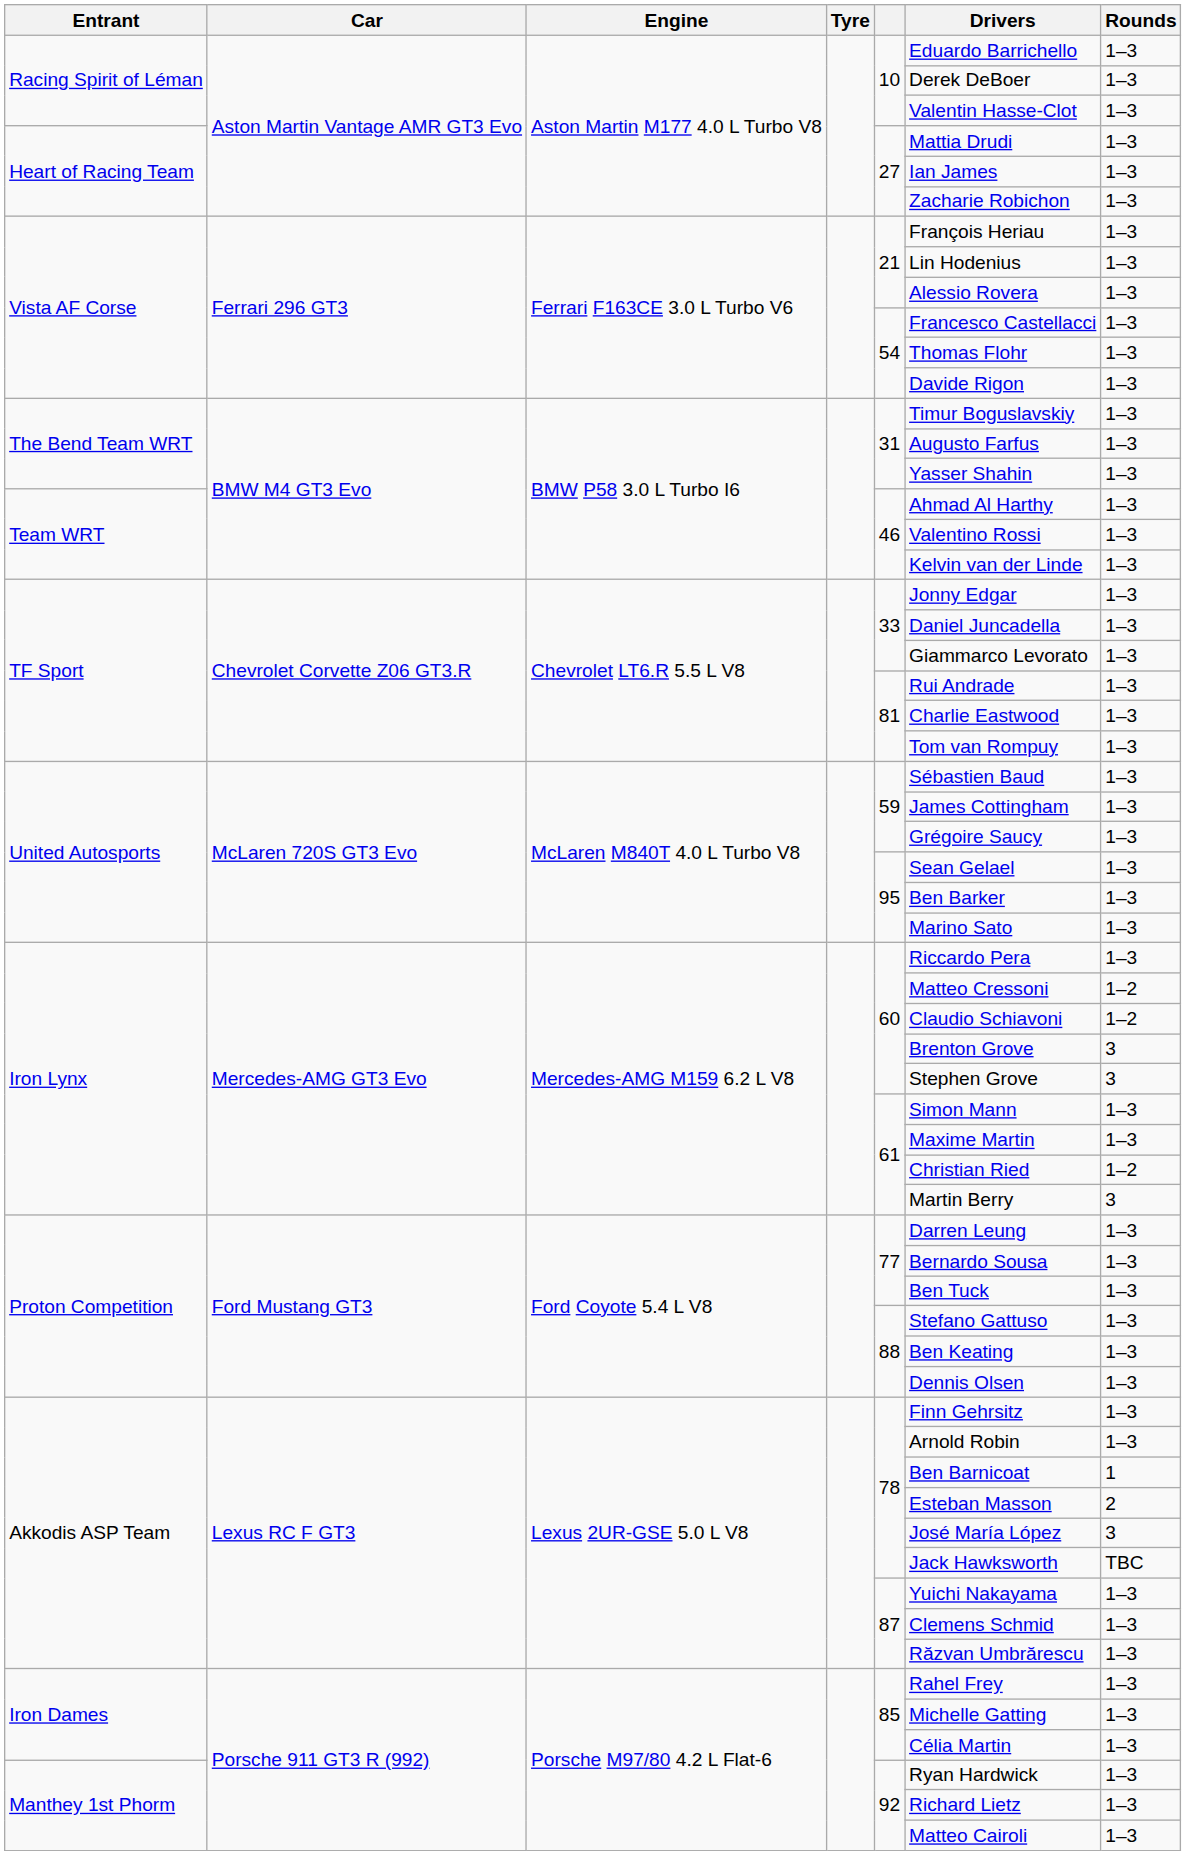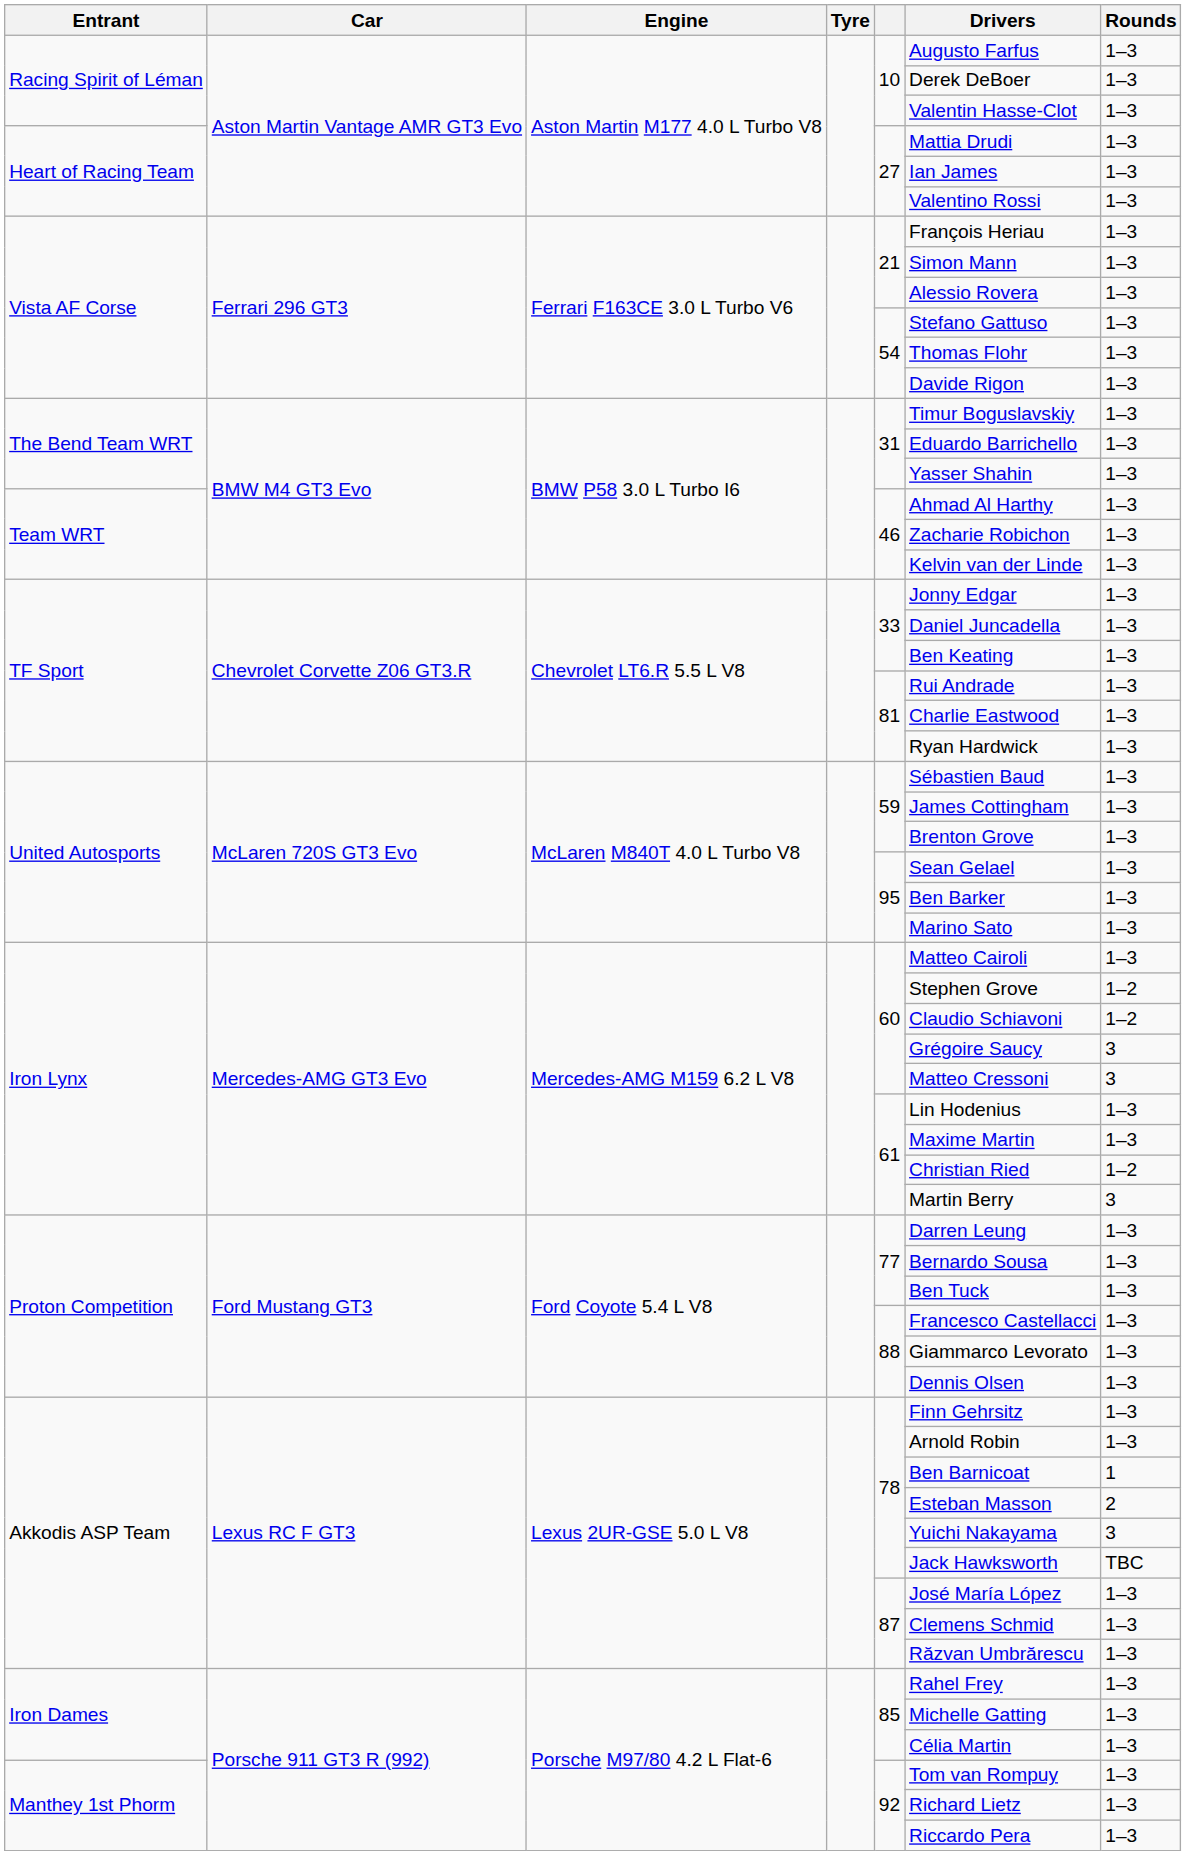 <table class="wikitable" style="font-size:90%;">
 <tr>
 <th>Entrant</th>
 <th>Car</th>
 <th>Engine</th>
 <th>Tyre</th>
 <th></th>
 <th>Drivers</th>
 <th>Rounds</th>
 </tr>
 <tr>
 <td rowspan="3"> <a href='#'>Racing Spirit of Léman</a></td>
 <td rowspan="6" nowrap><a href='#'>Aston Martin Vantage AMR GT3 Evo</a></td>
 <td rowspan="6" nowrap><a href='#'>Aston Martin</a> <a href='#'>M177</a> 4.0 L Turbo V8</td>
 <td rowspan="6" align="center"></td>
 <td rowspan="3" align="center">10</td>
-<td> <a href='#'>Eduardo Barrichello</a></td>
+<td> <a href='#'>Augusto Farfus</a></td>
 <td>1–3</td>
 </tr>
 <tr>
 <td> Derek DeBoer</td>
 <td>1–3</td>
 </tr>
 <tr>
 <td> <a href='#'>Valentin Hasse-Clot</a></td>
 <td>1–3</td>
 </tr>
 <tr>
 <td rowspan="3"> <a href='#'>Heart of Racing Team</a></td>
 <td rowspan="3" align="center">27</td>
 <td> <a href='#'>Mattia Drudi</a></td>
 <td>1–3</td>
 </tr>
 <tr>
 <td> <a href='#'>Ian James</a></td>
 <td>1–3</td>
 </tr>
 <tr>
-<td> <a href='#'>Zacharie Robichon</a></td>
+<td> <a href='#'>Valentino Rossi</a></td>
 <td>1–3</td>
 </tr>
 <tr>
 <td rowspan="6"> <a href='#'>Vista AF Corse</a></td>
 <td rowspan="6"><a href='#'>Ferrari 296 GT3</a></td>
 <td rowspan="6"><a href='#'>Ferrari</a> <a href='#'>F163CE</a> 3.0 L Turbo V6</td>
 <td rowspan="6" align="center"></td>
 <td rowspan="3" align="center">21</td>
 <td> François Heriau</td>
 <td>1–3</td>
 </tr>
 <tr>
-<td> Lin Hodenius</td>
+<td> <a href='#'>Simon Mann</a></td>
 <td>1–3</td>
 </tr>
 <tr>
 <td> <a href='#'>Alessio Rovera</a></td>
 <td>1–3</td>
 </tr>
 <tr>
 <td rowspan="3" align="center">54</td>
-<td> <a href='#'>Francesco Castellacci</a></td>
+<td> <a href='#'>Stefano Gattuso</a></td>
 <td>1–3</td>
 </tr>
 <tr>
 <td> <a href='#'>Thomas Flohr</a></td>
 <td>1–3</td>
 </tr>
 <tr>
 <td> <a href='#'>Davide Rigon</a></td>
 <td>1–3</td>
 </tr>
 <tr>
 <td rowspan="3"> <a href='#'>The Bend Team WRT</a></td>
 <td rowspan="6"><a href='#'>BMW M4 GT3 Evo</a></td>
 <td rowspan="6"><a href='#'>BMW</a> <a href='#'>P58</a> 3.0 L Turbo I6</td>
 <td rowspan="6" align="center"></td>
 <td rowspan="3" align="center">31</td>
 <td> <a href='#'>Timur Boguslavskiy</a></td>
 <td>1–3</td>
 </tr>
 <tr>
-<td> <a href='#'>Augusto Farfus</a></td>
+<td> <a href='#'>Eduardo Barrichello</a></td>
 <td>1–3</td>
 </tr>
 <tr>
 <td> <a href='#'>Yasser Shahin</a></td>
 <td>1–3</td>
 </tr>
 <tr>
 <td rowspan="3"> <a href='#'>Team WRT</a></td>
 <td rowspan="3" align="center">46</td>
 <td> <a href='#'>Ahmad Al Harthy</a></td>
 <td>1–3</td>
 </tr>
 <tr>
-<td> <a href='#'>Valentino Rossi</a></td>
+<td> <a href='#'>Zacharie Robichon</a></td>
 <td>1–3</td>
 </tr>
 <tr>
 <td> <a href='#'>Kelvin van der Linde</a></td>
 <td>1–3</td>
 </tr>
 <tr>
 <td rowspan="6"> <a href='#'>TF Sport</a></td>
 <td rowspan="6"><a href='#'>Chevrolet Corvette Z06 GT3.R</a></td>
 <td rowspan="6"><a href='#'>Chevrolet</a> <a href='#'>LT6.R</a> 5.5 L V8</td>
 <td rowspan="6" align="center"></td>
 <td rowspan="3" align="center">33</td>
 <td> <a href='#'>Jonny Edgar</a></td>
 <td>1–3</td>
 </tr>
 <tr>
 <td> <a href='#'>Daniel Juncadella</a></td>
 <td>1–3</td>
 </tr>
 <tr>
-<td> Giammarco Levorato</td>
+<td> <a href='#'>Ben Keating</a></td>
 <td>1–3</td>
 </tr>
 <tr>
 <td rowspan="3" align="center">81</td>
 <td> <a href='#'>Rui Andrade</a></td>
 <td>1–3</td>
 </tr>
 <tr>
 <td> <a href='#'>Charlie Eastwood</a></td>
 <td>1–3</td>
 </tr>
 <tr>
-<td> <a href='#'>Tom van Rompuy</a></td>
+<td> Ryan Hardwick</td>
 <td>1–3</td>
 </tr>
 <tr>
 <td rowspan="6"> <a href='#'>United Autosports</a></td>
 <td rowspan="6"><a href='#'>McLaren 720S GT3 Evo</a></td>
 <td rowspan="6"><a href='#'>McLaren</a> <a href='#'>M840T</a> 4.0 L Turbo V8</td>
 <td rowspan="6" align="center"></td>
 <td rowspan="3" align="center">59</td>
 <td> <a href='#'>Sébastien Baud</a></td>
 <td>1–3</td>
 </tr>
 <tr>
 <td> <a href='#'>James Cottingham</a></td>
 <td>1–3</td>
 </tr>
 <tr>
-<td> <a href='#'>Grégoire Saucy</a></td>
+<td> <a href='#'>Brenton Grove</a></td>
 <td>1–3</td>
 </tr>
 <tr>
 <td rowspan="3" align="center">95</td>
 <td> <a href='#'>Sean Gelael</a></td>
 <td>1–3</td>
 </tr>
 <tr>
 <td> <a href='#'>Ben Barker</a></td>
 <td>1–3</td>
 </tr>
 <tr>
 <td> <a href='#'>Marino Sato</a></td>
 <td>1–3</td>
 </tr>
 <tr>
 <td rowspan="9"> <a href='#'>Iron Lynx</a></td>
 <td rowspan="9"><a href='#'>Mercedes-AMG GT3 Evo</a></td>
 <td rowspan="9"><a href='#'>Mercedes-AMG M159</a> 6.2 L V8</td>
 <td rowspan="9" align="center"></td>
 <td rowspan="5" align="center">60</td>
-<td> <a href='#'>Riccardo Pera</a></td>
+<td> <a href='#'>Matteo Cairoli</a></td>
 <td>1–3</td>
 </tr>
 <tr>
-<td> <a href='#'>Matteo Cressoni</a></td>
+<td> Stephen Grove</td>
 <td>1–2</td>
 </tr>
 <tr>
 <td> <a href='#'>Claudio Schiavoni</a></td>
 <td>1–2</td>
 </tr>
 <tr>
-<td> <a href='#'>Brenton Grove</a></td>
+<td> <a href='#'>Grégoire Saucy</a></td>
 <td>3</td>
 </tr>
 <tr>
-<td> Stephen Grove</td>
+<td> <a href='#'>Matteo Cressoni</a></td>
 <td>3</td>
 </tr>
 <tr>
 <td rowspan="4" align="center">61</td>
-<td> <a href='#'>Simon Mann</a></td>
+<td> Lin Hodenius</td>
 <td>1–3</td>
 </tr>
 <tr>
 <td> <a href='#'>Maxime Martin</a></td>
 <td>1–3</td>
 </tr>
 <tr>
 <td> <a href='#'>Christian Ried</a></td>
 <td>1–2</td>
 </tr>
 <tr>
 <td> Martin Berry</td>
 <td>3</td>
 </tr>
 <tr>
 <td rowspan="6"> <a href='#'>Proton Competition</a></td>
 <td rowspan="6"><a href='#'>Ford Mustang GT3</a></td>
 <td rowspan="6"><a href='#'>Ford</a> <a href='#'>Coyote</a> 5.4 L V8</td>
 <td rowspan="6" align="center"></td>
 <td rowspan="3" align="center">77</td>
 <td> <a href='#'>Darren Leung</a></td>
 <td>1–3</td>
 </tr>
 <tr>
 <td> <a href='#'>Bernardo Sousa</a></td>
 <td>1–3</td>
 </tr>
 <tr>
 <td> <a href='#'>Ben Tuck</a></td>
 <td>1–3</td>
 </tr>
 <tr>
 <td rowspan="3" align="center">88</td>
-<td> <a href='#'>Stefano Gattuso</a></td>
+<td> <a href='#'>Francesco Castellacci</a></td>
 <td>1–3</td>
 </tr>
 <tr>
-<td> <a href='#'>Ben Keating</a></td>
+<td> Giammarco Levorato</td>
 <td>1–3</td>
 </tr>
 <tr>
 <td> <a href='#'>Dennis Olsen</a></td>
 <td>1–3</td>
 </tr>
 <tr>
 <td rowspan="9"> Akkodis ASP Team</td>
 <td rowspan="9"><a href='#'>Lexus RC F GT3</a></td>
 <td rowspan="9"><a href='#'>Lexus</a> <a href='#'>2UR-GSE</a> 5.0 L V8</td>
 <td rowspan="9" align="center"></td>
 <td rowspan="6" align="center">78</td>
 <td> <a href='#'>Finn Gehrsitz</a></td>
 <td>1–3</td>
 </tr>
 <tr>
 <td> Arnold Robin</td>
 <td>1–3</td>
 </tr>
 <tr>
 <td> <a href='#'>Ben Barnicoat</a></td>
 <td>1</td>
 </tr>
 <tr>
 <td> <a href='#'>Esteban Masson</a></td>
 <td>2</td>
 </tr>
 <tr>
-<td> <a href='#'>José María López</a></td>
+<td> <a href='#'>Yuichi Nakayama</a></td>
 <td>3</td>
 </tr>
 <tr>
 <td> <a href='#'>Jack Hawksworth</a></td>
 <td>TBC</td>
 </tr>
 <tr>
 <td rowspan="3" align="center">87</td>
-<td> <a href='#'>Yuichi Nakayama</a></td>
+<td> <a href='#'>José María López</a></td>
 <td>1–3</td>
 </tr>
 <tr>
 <td> <a href='#'>Clemens Schmid</a></td>
 <td>1–3</td>
 </tr>
 <tr>
 <td> <a href='#'>Răzvan Umbrărescu</a></td>
 <td>1–3</td>
 </tr>
 <tr>
 <td rowspan="3"> <a href='#'>Iron Dames</a></td>
 <td rowspan="6"><a href='#'>Porsche 911 GT3 R (992)</a></td>
 <td rowspan="6"><a href='#'>Porsche</a> <a href='#'>M97/80</a> 4.2 L Flat-6</td>
 <td rowspan="6" align="center"></td>
 <td rowspan="3" align="center">85</td>
 <td> <a href='#'>Rahel Frey</a></td>
 <td>1–3</td>
 </tr>
 <tr>
 <td> <a href='#'>Michelle Gatting</a></td>
 <td>1–3</td>
 </tr>
 <tr>
 <td> <a href='#'>Célia Martin</a></td>
 <td>1–3</td>
 </tr>
 <tr>
 <td rowspan="3"> <a href='#'>Manthey 1st Phorm</a></td>
 <td rowspan="3" align="center">92</td>
-<td> Ryan Hardwick</td>
+<td> <a href='#'>Tom van Rompuy</a></td>
 <td>1–3</td>
 </tr>
 <tr>
 <td> <a href='#'>Richard Lietz</a></td>
 <td>1–3</td>
 </tr>
 <tr>
-<td> <a href='#'>Matteo Cairoli</a></td>
+<td> <a href='#'>Riccardo Pera</a></td>
 <td>1–3</td>
 </tr>
 </table>
